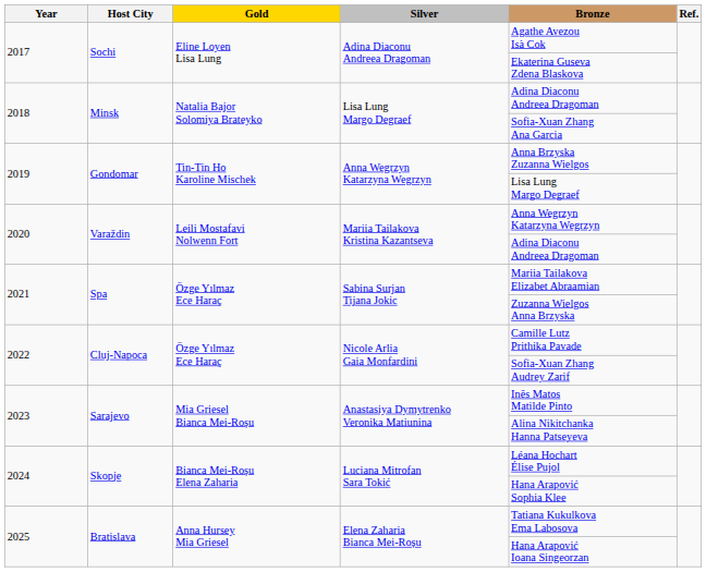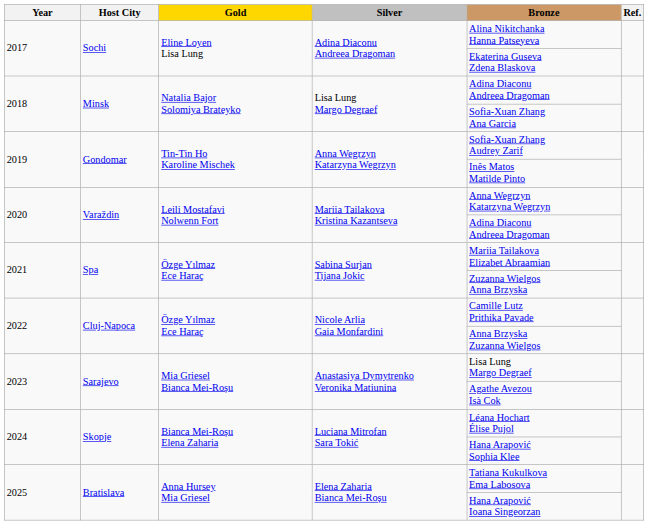 <table class="wikitable" style="text-align:left; width:1000px;">
 <tr>
 <th width="120">Year</th>
 <th width="120">Host City</th>
 <th width="250" style="background-color: gold">Gold</th>
 <th width="250" style="background-color: silver">Silver</th>
 <th width="250" style="background-color: #cc9966">Bronze</th>
 <th width="15">Ref.</th>
 </tr>
 <tr>
 <td rowspan=2>2017</td>
 <td rowspan=2><a href='#'>Sochi</a></td>
 <td rowspan=2> <a href='#'>Eline Loyen</a><br> Lisa Lung</td>
 <td rowspan=2> <a href='#'>Adina Diaconu</a><br> <a href='#'>Andreea Dragoman</a></td>
-<td> <a href='#'>Agathe Avezou</a><br> <a href='#'>Isà Cok</a></td>
+<td> <a href='#'>Alina Nikitchanka</a><br> <a href='#'>Hanna Patseyeva</a></td>
 <td rowspan=2></td>
 </tr>
 <tr>
 <td> <a href='#'>Ekaterina Guseva</a><br> <a href='#'>Zdena Blaskova</a></td>
 </tr>
 <tr>
 <td rowspan=2>2018</td>
 <td rowspan=2><a href='#'>Minsk</a></td>
 <td rowspan=2> <a href='#'>Natalia Bajor</a><br> <a href='#'>Solomiya Brateyko</a></td>
 <td rowspan=2> Lisa Lung<br> <a href='#'>Margo Degraef</a></td>
 <td> <a href='#'>Adina Diaconu</a><br> <a href='#'>Andreea Dragoman</a></td>
 <td rowspan=2></td>
 </tr>
 <tr>
 <td> <a href='#'>Sofia-Xuan Zhang</a><br> <a href='#'>Ana Garcia</a></td>
 </tr>
 <tr>
 <td rowspan=2>2019</td>
 <td rowspan=2><a href='#'>Gondomar</a></td>
 <td rowspan=2> <a href='#'>Tin-Tin Ho</a><br> <a href='#'>Karoline Mischek</a></td>
 <td rowspan=2> <a href='#'>Anna Wegrzyn</a><br> <a href='#'>Katarzyna Wegrzyn</a></td>
-<td> <a href='#'>Anna Brzyska</a><br> <a href='#'>Zuzanna Wielgos</a></td>
+<td> <a href='#'>Sofia-Xuan Zhang</a><br> <a href='#'>Audrey Zarif</a></td>
 <td rowspan=2></td>
 </tr>
 <tr>
-<td> Lisa Lung<br> <a href='#'>Margo Degraef</a></td>
+<td> <a href='#'>Inês Matos</a><br> <a href='#'>Matilde Pinto</a></td>
 </tr>
 <tr>
 <td rowspan=2>2020</td>
 <td rowspan=2><a href='#'>Varaždin</a></td>
 <td rowspan=2> <a href='#'>Leili Mostafavi</a><br> <a href='#'>Nolwenn Fort</a></td>
 <td rowspan=2> <a href='#'>Mariia Tailakova</a><br> <a href='#'>Kristina Kazantseva</a></td>
 <td> <a href='#'>Anna Wegrzyn</a><br> <a href='#'>Katarzyna Wegrzyn</a></td>
 <td rowspan=2></td>
 </tr>
 <tr>
 <td> <a href='#'>Adina Diaconu</a><br> <a href='#'>Andreea Dragoman</a></td>
 </tr>
 <tr>
 <td rowspan=2>2021</td>
 <td rowspan=2><a href='#'>Spa</a></td>
 <td rowspan=2> <a href='#'>Özge Yılmaz</a><br> <a href='#'>Ece Haraç</a></td>
 <td rowspan=2> <a href='#'>Sabina Surjan</a><br> <a href='#'>Tijana Jokic</a></td>
 <td> <a href='#'>Mariia Tailakova</a><br> <a href='#'>Elizabet Abraamian</a></td>
 <td rowspan=2></td>
 </tr>
 <tr>
 <td> <a href='#'>Zuzanna Wielgos</a><br> <a href='#'>Anna Brzyska</a></td>
 </tr>
 <tr>
 <td rowspan=2>2022</td>
 <td rowspan=2><a href='#'>Cluj-Napoca</a></td>
 <td rowspan=2> <a href='#'>Özge Yılmaz</a><br> <a href='#'>Ece Haraç</a></td>
 <td rowspan=2> <a href='#'>Nicole Arlia</a><br> <a href='#'>Gaia Monfardini</a></td>
 <td> <a href='#'>Camille Lutz</a><br> <a href='#'>Prithika Pavade</a></td>
 <td rowspan=2></td>
 </tr>
 <tr>
-<td> <a href='#'>Sofia-Xuan Zhang</a><br> <a href='#'>Audrey Zarif</a></td>
+<td> <a href='#'>Anna Brzyska</a><br> <a href='#'>Zuzanna Wielgos</a></td>
 </tr>
 <tr>
 <td rowspan=2>2023</td>
 <td rowspan=2><a href='#'>Sarajevo</a></td>
 <td rowspan=2> <a href='#'>Mia Griesel</a><br> <a href='#'>Bianca Mei-Roșu</a></td>
 <td rowspan=2> <a href='#'>Anastasiya Dymytrenko</a><br> <a href='#'>Veronika Matiunina</a></td>
-<td> <a href='#'>Inês Matos</a><br> <a href='#'>Matilde Pinto</a></td>
+<td> Lisa Lung<br> <a href='#'>Margo Degraef</a></td>
 <td rowspan=2></td>
 </tr>
 <tr>
-<td> <a href='#'>Alina Nikitchanka</a><br> <a href='#'>Hanna Patseyeva</a></td>
+<td> <a href='#'>Agathe Avezou</a><br> <a href='#'>Isà Cok</a></td>
 </tr>
 <tr>
 <td rowspan=2>2024</td>
 <td rowspan=2><a href='#'>Skopje</a></td>
 <td rowspan=2> <a href='#'>Bianca Mei-Roșu</a><br> <a href='#'>Elena Zaharia</a></td>
 <td rowspan=2> <a href='#'>Luciana Mitrofan</a><br> <a href='#'>Sara Tokić</a></td>
 <td> <a href='#'>Léana Hochart</a><br> <a href='#'>Élise Pujol</a></td>
 <td rowspan=2></td>
 </tr>
 <tr>
 <td> <a href='#'>Hana Arapović</a><br> <a href='#'>Sophia Klee</a></td>
 </tr>
 <tr>
 <td rowspan=2>2025</td>
 <td rowspan=2><a href='#'>Bratislava</a></td>
 <td rowspan=2> <a href='#'>Anna Hursey</a><br> <a href='#'>Mia Griesel</a></td>
 <td rowspan=2> <a href='#'>Elena Zaharia</a><br> <a href='#'>Bianca Mei-Roșu</a></td>
 <td> <a href='#'>Tatiana Kukulkova</a><br> <a href='#'>Ema Labosova</a></td>
 <td rowspan=2></td>
 </tr>
 <tr>
 <td> <a href='#'>Hana Arapović</a><br> <a href='#'>Ioana Singeorzan</a></td>
 </tr>
 </table>
